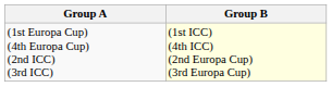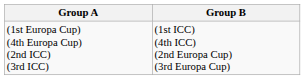 <table class=wikitable width=50%>
 <tr>
 <th width=13%>Group A</th>
 <th width=13%>Group B</th>
 </tr>
 <tr valign=top>
 <td> (1st Europa Cup)<br> (4th Europa Cup)<br> (2nd ICC)<br> (3rd ICC)</td>
-<td style="background: lightyellow;"> (1st ICC)<br> (4th ICC)<br> (2nd Europa Cup)<br> (3rd Europa Cup)</td>
+<td> (1st ICC)<br> (4th ICC)<br> (2nd Europa Cup)<br> (3rd Europa Cup)</td>
 </tr>
 </table>
